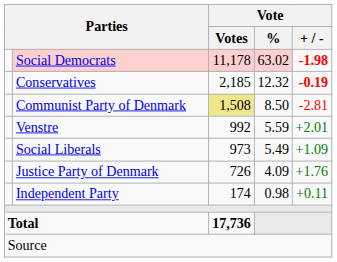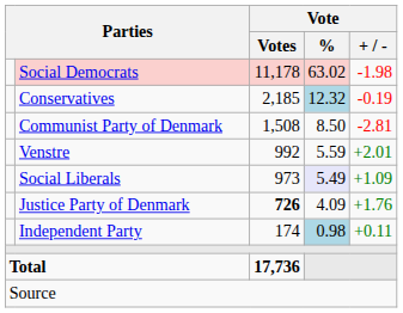 <table class="wikitable" style="text-align:right;">
 <tr>
 <th style="text-align:centre;" rowspan="2" colspan="2" width="225">Parties</th>
 <th colspan="3">Vote</th>
 </tr>
 <tr>
 <th width="15">Votes</th>
 <th width="15">%</th>
 <th width="15">+ / -</th>
 </tr>
 <tr>
 <td width="2" style="color:inherit;background:"></td>
 <td bgcolor=#fbd0ce  align="left"><a href='#'>Social Democrats</a></td>
 <td bgcolor=#fbd0ce>11,178</td>
 <td bgcolor=#fbd0ce>63.02</td>
-<td style=color:red;><strong>-1.98</strong></td>
+<td style=color:red;>-1.98</td>
 </tr>
 <tr>
 <td width="2" style="color:inherit;background:"></td>
 <td align="left"><a href='#'>Conservatives</a></td>
 <td>2,185</td>
-<td>12.32</td>
-<td style=color:red;><strong>-0.19</strong></td>
+<td style="background: lightblue;">12.32</td>
+<td style=color:red;>-0.19</td>
 </tr>
 <tr>
 <td width="2" style="color:inherit;background:"></td>
 <td align="left"><a href='#'>Communist Party of Denmark</a></td>
-<td style="background: khaki;">1,508</td>
+<td>1,508</td>
 <td>8.50</td>
 <td style=color:red;>-2.81</td>
 </tr>
 <tr>
 <td width="2" style="color:inherit;background:"></td>
 <td align="left"><a href='#'>Venstre</a></td>
 <td>992</td>
 <td>5.59</td>
 <td style=color:green;>+2.01</td>
 </tr>
 <tr>
 <td width="2" style="color:inherit;background:"></td>
 <td align="left"><a href='#'>Social Liberals</a></td>
 <td>973</td>
-<td>5.49</td>
+<td style="background: lavender;">5.49</td>
 <td style=color:green;>+1.09</td>
 </tr>
 <tr>
 <td width="2" style="color:inherit;background:"></td>
 <td align="left"><a href='#'>Justice Party of Denmark</a></td>
-<td>726</td>
+<td><strong>726</strong></td>
 <td>4.09</td>
 <td style=color:green;>+1.76</td>
 </tr>
 <tr>
 <td width="2" style="color:inherit;background:"></td>
 <td align="left"><a href='#'>Independent Party</a></td>
 <td>174</td>
-<td>0.98</td>
+<td style="background: lightblue;">0.98</td>
 <td style=color:green;>+0.11</td>
 </tr>
 <tr>
 <td colspan="7" bgcolor="#E9E9E9"></td>
 </tr>
 <tr>
 <td align="left" colspan="2"><strong>Total</strong></td>
 <td><strong>17,736</strong></td>
 <td bgcolor="#E9E9E9" colspan="2"></td>
 </tr>
 <tr>
 <td align="left" colspan="6">Source</td>
 </tr>
 </table>
